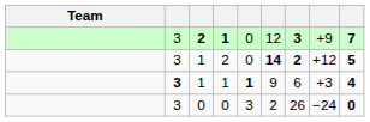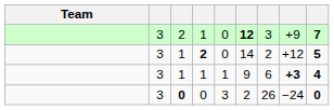 <table class="wikitable" style="text-align: center;">
 <tr>
 <th width="175">Team</th>
 <th width="20"></th>
 <th width="20"></th>
 <th width="20"></th>
 <th width="20"></th>
 <th width="20"></th>
 <th width="20"></th>
 <th width="20"></th>
 <th width="20"></th>
 </tr>
 <tr bgcolor="#ccffcc">
 <td align=left></td>
 <td>3</td>
-<td><strong>2</strong></td>
-<td><strong>1</strong></td>
+<td>2</td>
+<td>1</td>
 <td>0</td>
-<td>12</td>
-<td><strong>3</strong></td>
+<td><strong>12</strong></td>
+<td>3</td>
 <td>+9</td>
 <td><strong>7</strong></td>
 </tr>
 <tr bgcolor=>
 <td align=left><em></em></td>
 <td>3</td>
 <td>1</td>
+<td><strong>2</strong></td>
+<td>0</td>
+<td>14</td>
 <td>2</td>
-<td>0</td>
-<td><strong>14</strong></td>
-<td><strong>2</strong></td>
 <td>+12</td>
 <td><strong>5</strong></td>
 </tr>
 <tr bgcolor=>
 <td align=left></td>
-<td><strong>3</strong></td>
+<td>3</td>
 <td>1</td>
 <td>1</td>
-<td><strong>1</strong></td>
+<td>1</td>
 <td>9</td>
 <td>6</td>
-<td>+3</td>
+<td><strong>+3</strong></td>
 <td><strong>4</strong></td>
 </tr>
 <tr bgcolor=>
 <td align=left></td>
 <td>3</td>
-<td>0</td>
+<td><strong>0</strong></td>
 <td>0</td>
 <td>3</td>
 <td>2</td>
 <td>26</td>
 <td>−24</td>
 <td><strong>0</strong></td>
 </tr>
 </table>
